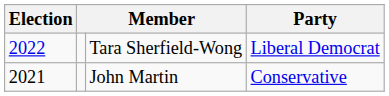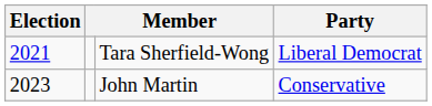 <table class="wikitable">
 <tr>
 <th>Election</th>
 <th colspan="2">Member</th>
 <th>Party</th>
 </tr>
 <tr>
-<td><a href='#'>2022</a></td>
+<td><a href='#'>2021</a></td>
 <td rowspan="1" style="background-color: "></td>
 <td rowspan="1">Tara Sherfield-Wong</td>
 <td rowspan="1"><a href='#'>Liberal Democrat</a></td>
 </tr>
 <tr>
-<td>2021</td>
+<td>2023</td>
 <td rowspan="1" style="background-color: "></td>
 <td rowspan="1">John Martin</td>
 <td rowspan="1"><a href='#'>Conservative</a></td>
 </tr>
 </table>
